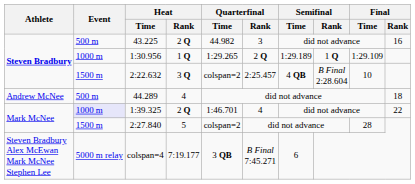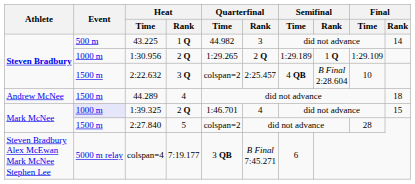 <table class="wikitable" style="font-size:90%">
 <tr>
 <th rowspan="2">Athlete</th>
 <th rowspan="2">Event</th>
 <th colspan="2">Heat</th>
 <th colspan="2">Quarterfinal</th>
 <th colspan="2">Semifinal</th>
 <th colspan="2">Final</th>
 </tr>
 <tr>
 <th>Time</th>
 <th>Rank</th>
 <th>Time</th>
 <th>Rank</th>
 <th>Time</th>
 <th>Rank</th>
 <th>Time</th>
 <th>Rank</th>
 </tr>
 <tr align="center">
 <td align="left" rowspan=3><strong><a href='#'>Steven Bradbury</a></strong></td>
 <td align="left"><a href='#'>500 m</a></td>
 <td>43.225</td>
-<td>2 <strong>Q</strong></td>
+<td>1 <strong>Q</strong></td>
 <td>44.982</td>
 <td>3</td>
 <td colspan=3>did not advance</td>
-<td>16</td>
+<td>14</td>
 </tr>
 <tr align="center">
 <td align="left"><a href='#'>1000 m</a></td>
 <td>1:30.956</td>
-<td>1 <strong>Q</strong></td>
+<td>2 <strong>Q</strong></td>
 <td>1:29.265</td>
 <td>2 <strong>Q</strong></td>
 <td>1:29.189</td>
 <td>1 <strong>Q</strong></td>
 <td>1:29.109</td>
 <td></td>
 </tr>
 <tr align="center">
 <td align="left"><a href='#'>1500 m</a></td>
 <td>2:22.632</td>
 <td>3 <strong>Q</strong></td>
 <td>colspan=2 </td>
 <td>2:25.457</td>
 <td>4 <strong>QB</strong></td>
 <td><em>B Final</em> <br> 2:28.604</td>
 <td>10</td>
 </tr>
 <tr align="center">
 <td align="left"><a href='#'>Andrew McNee</a></td>
-<td align="left"><a href='#'>500 m</a></td>
+<td align="left"><a href='#'>1500 m</a></td>
 <td>44.289</td>
 <td>4</td>
 <td colspan=5>did not advance</td>
 <td>18</td>
 </tr>
 <tr align="center">
 <td align="left" rowspan=2><a href='#'>Mark McNee</a></td>
 <td align="left" style="background: lavender;"><a href='#'>1000 m</a></td>
 <td>1:39.325</td>
 <td>2 <strong>Q</strong></td>
 <td>1:46.701</td>
 <td>4</td>
 <td colspan=3>did not advance</td>
-<td>22</td>
+<td>15</td>
 </tr>
 <tr align="center">
 <td align="left"><a href='#'>1500 m</a></td>
 <td>2:27.840</td>
 <td>5</td>
 <td>colspan=2 </td>
 <td colspan=3>did not advance</td>
 <td>28</td>
 </tr>
 <tr align="center">
 <td align="left"><a href='#'>Steven Bradbury</a> <br> <a href='#'>Alex McEwan</a> <br> <a href='#'>Mark McNee</a> <br> <a href='#'>Stephen Lee</a></td>
 <td align="left"><a href='#'>5000 m relay</a></td>
 <td>colspan=4 </td>
 <td>7:19.177</td>
 <td>3 <strong>QB</strong></td>
 <td><em>B Final</em> <br> 7:45.271</td>
 <td>6</td>
 </tr>
 </table>
